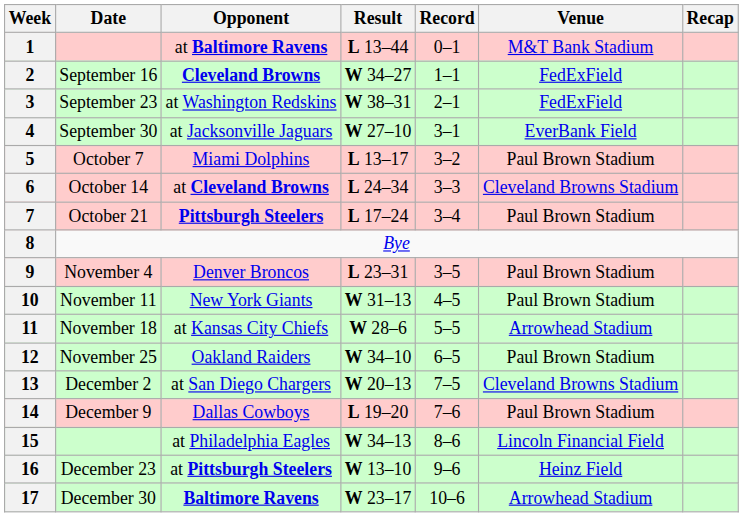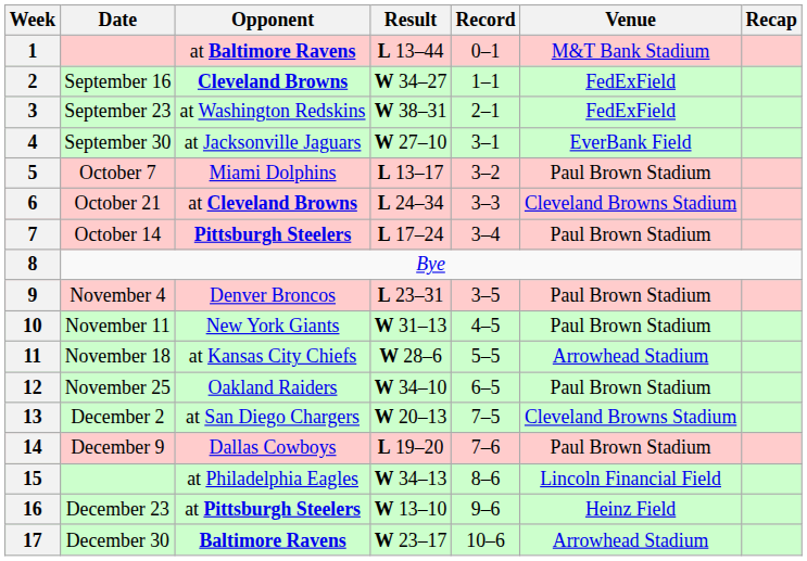 <table class="wikitable" style="text-align:center">
 <tr>
 <th>Week</th>
 <th>Date</th>
 <th>Opponent</th>
 <th>Result</th>
 <th>Record</th>
 <th>Venue</th>
 <th>Recap</th>
 </tr>
 <tr style="background:#fcc">
 <th>1</th>
 <td></td>
 <td>at <strong><a href='#'>Baltimore Ravens</a></strong></td>
 <td><strong>L</strong> 13–44</td>
 <td>0–1</td>
 <td><a href='#'>M&T Bank Stadium</a></td>
 <td></td>
 </tr>
 <tr style="background:#cfc">
 <th>2</th>
 <td>September 16</td>
 <td><strong><a href='#'>Cleveland Browns</a></strong></td>
 <td><strong>W</strong> 34–27</td>
 <td>1–1</td>
 <td><a href='#'>FedExField</a></td>
 <td></td>
 </tr>
 <tr style="background:#cfc">
 <th>3</th>
 <td>September 23</td>
 <td>at <a href='#'>Washington Redskins</a></td>
 <td><strong>W</strong> 38–31</td>
 <td>2–1</td>
 <td><a href='#'>FedExField</a></td>
 <td></td>
 </tr>
 <tr style="background:#cfc">
 <th>4</th>
 <td>September 30</td>
 <td>at <a href='#'>Jacksonville Jaguars</a></td>
 <td><strong>W</strong> 27–10</td>
 <td>3–1</td>
 <td><a href='#'>EverBank Field</a></td>
 <td></td>
 </tr>
 <tr style="background:#fcc">
 <th>5</th>
 <td>October 7</td>
 <td><a href='#'>Miami Dolphins</a></td>
 <td><strong>L</strong> 13–17</td>
 <td>3–2</td>
 <td>Paul Brown Stadium</td>
 <td></td>
 </tr>
 <tr style="background:#fcc">
 <th>6</th>
-<td>October 14</td>
+<td>October 21</td>
 <td>at <strong><a href='#'>Cleveland Browns</a></strong></td>
 <td><strong>L</strong> 24–34</td>
 <td>3–3</td>
 <td><a href='#'>Cleveland Browns Stadium</a></td>
 <td></td>
 </tr>
 <tr style="background:#fcc">
 <th>7</th>
-<td>October 21</td>
+<td>October 14</td>
 <td><strong><a href='#'>Pittsburgh Steelers</a></strong></td>
 <td><strong>L</strong> 17–24</td>
 <td>3–4</td>
 <td>Paul Brown Stadium</td>
 <td></td>
 </tr>
 <tr>
 <th>8</th>
 <td colspan="6"><em><a href='#'>Bye</a></em></td>
 </tr>
 <tr style="background:#fcc">
 <th>9</th>
 <td>November 4</td>
 <td><a href='#'>Denver Broncos</a></td>
 <td><strong>L</strong> 23–31</td>
 <td>3–5</td>
 <td>Paul Brown Stadium</td>
 <td></td>
 </tr>
 <tr style="background:#cfc">
 <th>10</th>
 <td>November 11</td>
 <td><a href='#'>New York Giants</a></td>
 <td><strong>W</strong> 31–13</td>
 <td>4–5</td>
 <td>Paul Brown Stadium</td>
 <td></td>
 </tr>
 <tr style="background:#cfc">
 <th>11</th>
 <td>November 18</td>
 <td>at <a href='#'>Kansas City Chiefs</a></td>
 <td><strong>W</strong> 28–6</td>
 <td>5–5</td>
 <td><a href='#'>Arrowhead Stadium</a></td>
 <td></td>
 </tr>
 <tr style="background:#cfc">
 <th>12</th>
 <td>November 25</td>
 <td><a href='#'>Oakland Raiders</a></td>
 <td><strong>W</strong> 34–10</td>
 <td>6–5</td>
 <td>Paul Brown Stadium</td>
 <td></td>
 </tr>
 <tr style="background:#cfc">
 <th>13</th>
 <td>December 2</td>
 <td>at <a href='#'>San Diego Chargers</a></td>
 <td><strong>W</strong> 20–13</td>
 <td>7–5</td>
 <td><a href='#'>Cleveland Browns Stadium</a></td>
 <td></td>
 </tr>
 <tr style="background:#fcc">
 <th>14</th>
 <td>December 9</td>
 <td><a href='#'>Dallas Cowboys</a></td>
 <td><strong>L</strong> 19–20</td>
 <td>7–6</td>
 <td>Paul Brown Stadium</td>
 <td></td>
 </tr>
 <tr style="background:#cfc">
 <th>15</th>
 <td></td>
 <td>at <a href='#'>Philadelphia Eagles</a></td>
 <td><strong>W</strong> 34–13</td>
 <td>8–6</td>
 <td><a href='#'>Lincoln Financial Field</a></td>
 <td></td>
 </tr>
 <tr style="background:#cfc">
 <th>16</th>
 <td>December 23</td>
 <td>at <strong><a href='#'>Pittsburgh Steelers</a></strong></td>
 <td><strong>W</strong> 13–10</td>
 <td>9–6</td>
 <td><a href='#'>Heinz Field</a></td>
 <td></td>
 </tr>
 <tr style="background:#cfc">
 <th>17</th>
 <td>December 30</td>
 <td><strong><a href='#'>Baltimore Ravens</a></strong></td>
 <td><strong>W</strong> 23–17</td>
 <td>10–6</td>
 <td><a href='#'>Arrowhead Stadium</a></td>
 <td></td>
 </tr>
 </table>
